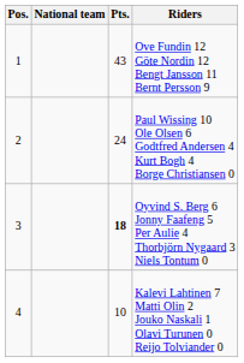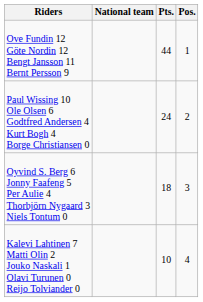 <table class=wikitable style="font-size:93%;">
 <tr>
-<th>Pos.</th>
+<th>Riders</th>
 <th>National team</th>
 <th>Pts.</th>
-<th>Riders</th>
+<th>Pos.</th>
 </tr>
 <tr align=center >
+<td style="text-align:left"><br><a href='#'>Ove Fundin</a> 12<br> <a href='#'>Göte Nordin</a> 12<br> <a href='#'>Bengt Jansson</a> 11<br> <a href='#'>Bernt Persson</a> 9<br></td>
+<td style="text-align:left"></td>
+<td>44</td>
 <td>1</td>
-<td style="text-align:left"></td>
-<td>43</td>
-<td style="text-align:left"><br><a href='#'>Ove Fundin</a> 12<br> <a href='#'>Göte Nordin</a> 12<br> <a href='#'>Bengt Jansson</a> 11<br> <a href='#'>Bernt Persson</a> 9<br></td>
 </tr>
 <tr style="text-align:center">
-<td>2</td>
+<td style="text-align:left"><br><a href='#'>Paul Wissing</a> 10<br> <a href='#'>Ole Olsen</a> 6<br> <a href='#'>Godtfred Andersen</a> 4<br> <a href='#'>Kurt Bogh</a> 4<br> <a href='#'>Borge Christiansen</a> 0</td>
 <td style="text-align:left"></td>
 <td>24</td>
-<td style="text-align:left"><br><a href='#'>Paul Wissing</a> 10<br> <a href='#'>Ole Olsen</a> 6<br> <a href='#'>Godtfred Andersen</a> 4<br> <a href='#'>Kurt Bogh</a> 4<br> <a href='#'>Borge Christiansen</a> 0</td>
+<td>2</td>
 </tr>
 <tr style="text-align:center">
+<td style="text-align:left"><br><a href='#'>Oyvind S. Berg</a> 6<br> <a href='#'>Jonny Faafeng</a> 5<br> <a href='#'>Per Aulie</a> 4<br> <a href='#'>Thorbjörn Nygaard</a> 3<br> <a href='#'>Niels Tontum</a> 0<br></td>
+<td style="text-align:left"></td>
+<td>18</td>
 <td>3</td>
-<td style="text-align:left"></td>
-<td><strong>18</strong></td>
-<td style="text-align:left"><br><a href='#'>Oyvind S. Berg</a> 6<br> <a href='#'>Jonny Faafeng</a> 5<br> <a href='#'>Per Aulie</a> 4<br> <a href='#'>Thorbjörn Nygaard</a> 3<br> <a href='#'>Niels Tontum</a> 0<br></td>
 </tr>
 <tr style="text-align:center">
-<td>4</td>
+<td style="text-align:left"><br><a href='#'>Kalevi Lahtinen</a> 7<br> <a href='#'>Matti Olin</a> 2<br> <a href='#'>Jouko Naskali</a> 1<br> <a href='#'>Olavi Turunen</a> 0<br> <a href='#'>Reijo Tolviander</a> 0<br></td>
 <td style="text-align:left"></td>
 <td>10</td>
-<td style="text-align:left"><br><a href='#'>Kalevi Lahtinen</a> 7<br> <a href='#'>Matti Olin</a> 2<br> <a href='#'>Jouko Naskali</a> 1<br> <a href='#'>Olavi Turunen</a> 0<br> <a href='#'>Reijo Tolviander</a> 0<br></td>
+<td>4</td>
 </tr>
 </table>
